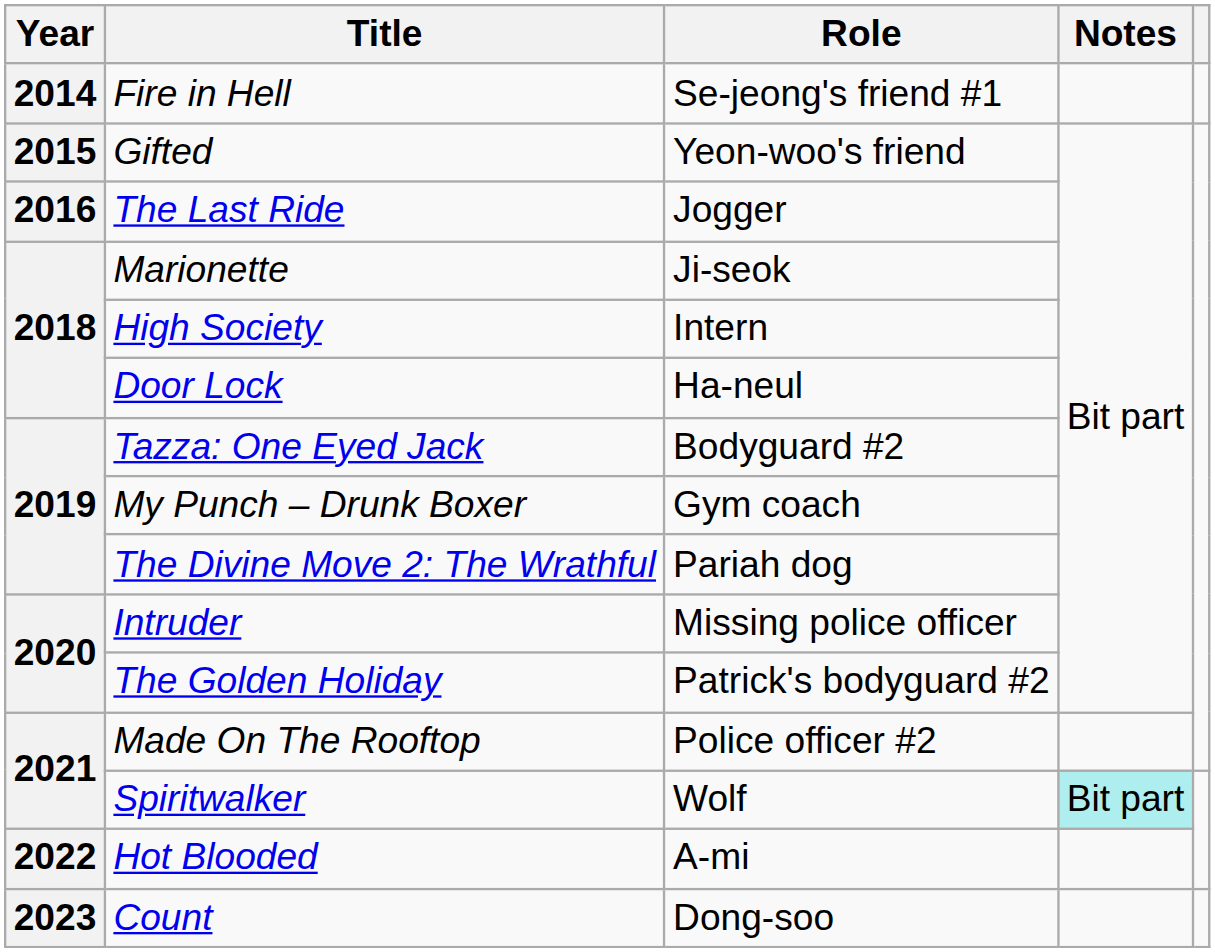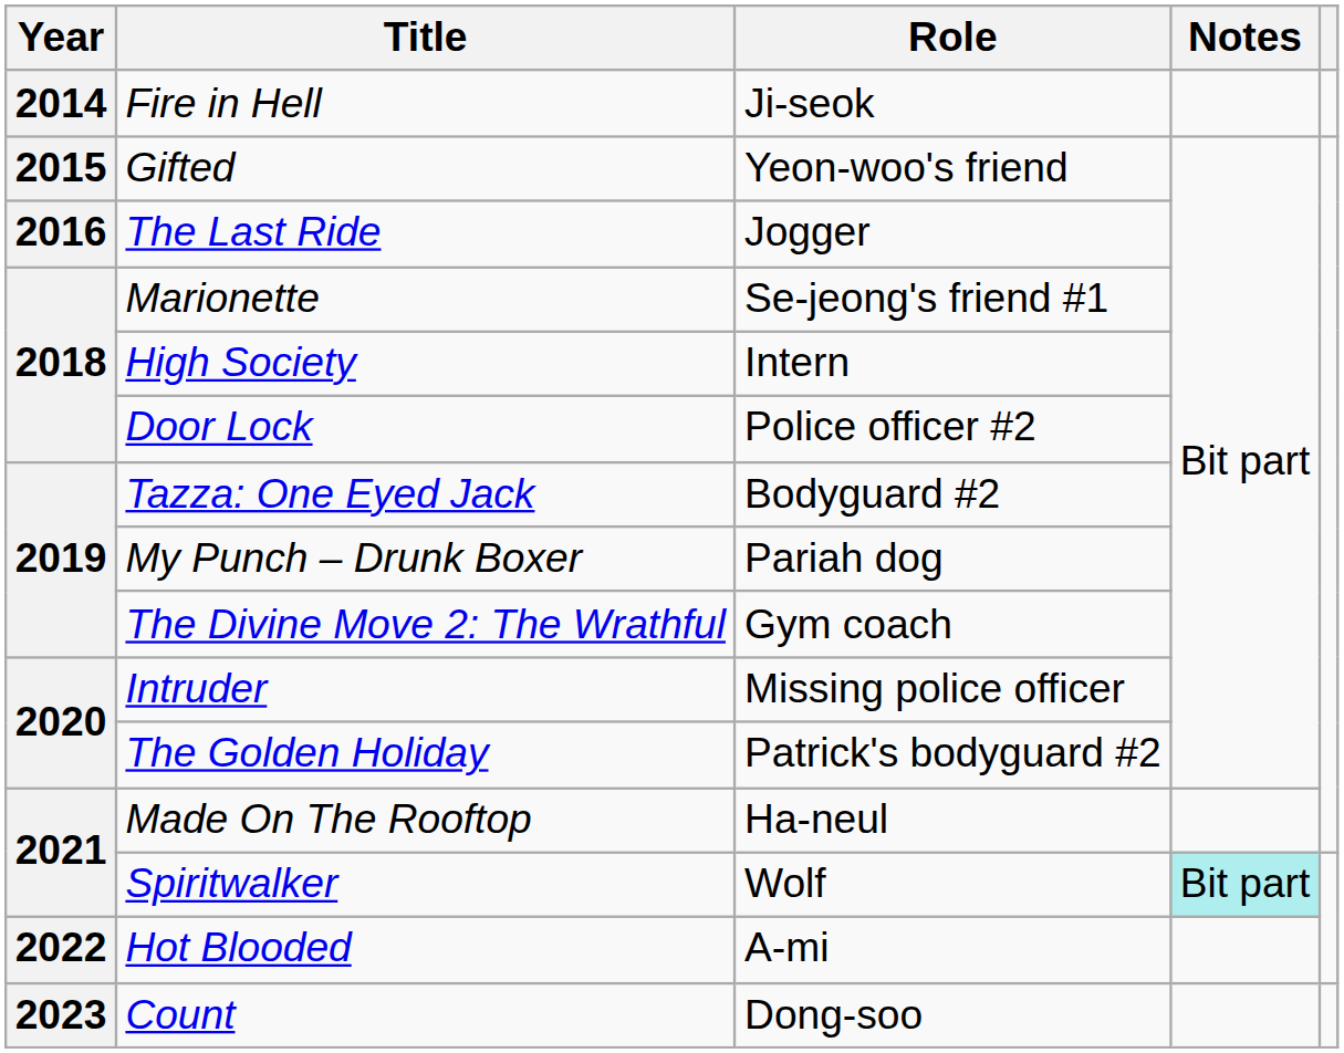 <table class="wikitable plainrowheaders sortable">
 <tr>
 <th scope="col">Year</th>
 <th scope="col">Title</th>
 <th scope="col">Role</th>
 <th scope="col">Notes</th>
 <th scope="col" class="unsortable"></th>
 </tr>
 <tr>
 <th scope="row">2014</th>
 <td><em>Fire in Hell</em></td>
-<td>Se-jeong's friend #1</td>
+<td>Ji-seok</td>
 <td></td>
 <td></td>
 </tr>
 <tr>
 <th scope="row">2015</th>
 <td><em>Gifted</em></td>
 <td>Yeon-woo's friend</td>
 <td rowspan="10">Bit part</td>
 <td rowspan="11"></td>
 </tr>
 <tr>
 <th scope="row">2016</th>
 <td><em><a href='#'>The Last Ride</a></em></td>
 <td>Jogger</td>
 </tr>
 <tr>
 <th rowspan="3" scope="row">2018</th>
 <td><em>Marionette</em></td>
-<td>Ji-seok</td>
+<td>Se-jeong's friend #1</td>
 </tr>
 <tr>
 <td><em><a href='#'>High Society</a></em></td>
 <td>Intern</td>
 </tr>
 <tr>
 <td><em><a href='#'>Door Lock</a></em></td>
-<td>Ha-neul</td>
+<td>Police officer #2</td>
 </tr>
 <tr>
 <th rowspan="3" scope="row">2019</th>
 <td><em><a href='#'>Tazza: One Eyed Jack</a></em></td>
 <td>Bodyguard #2</td>
 </tr>
 <tr>
 <td><em>My Punch – Drunk Boxer</em></td>
-<td>Gym coach</td>
+<td>Pariah dog</td>
 </tr>
 <tr>
 <td><em><a href='#'>The Divine Move 2: The Wrathful</a></em></td>
-<td>Pariah dog</td>
+<td>Gym coach</td>
 </tr>
 <tr>
 <th rowspan="2" scope="row">2020</th>
 <td><em><a href='#'>Intruder</a></em></td>
 <td>Missing police officer</td>
 </tr>
 <tr>
 <td><em><a href='#'>The Golden Holiday</a></em></td>
 <td>Patrick's bodyguard #2</td>
 </tr>
 <tr>
 <th rowspan="2" scope="row">2021</th>
 <td><em>Made On The Rooftop</em></td>
-<td>Police officer #2</td>
+<td>Ha-neul</td>
 <td></td>
 </tr>
 <tr>
 <td><em><a href='#'>Spiritwalker</a></em></td>
 <td>Wolf</td>
 <td style="background: paleturquoise;">Bit part</td>
 <td rowspan="2"></td>
 </tr>
 <tr>
 <th scope="row">2022</th>
 <td><em><a href='#'>Hot Blooded</a></em></td>
 <td>A-mi</td>
 <td></td>
 </tr>
 <tr>
 <th scope="row">2023</th>
 <td><em><a href='#'>Count</a></em></td>
 <td>Dong-soo</td>
 <td></td>
 <td></td>
 </tr>
 </table>
